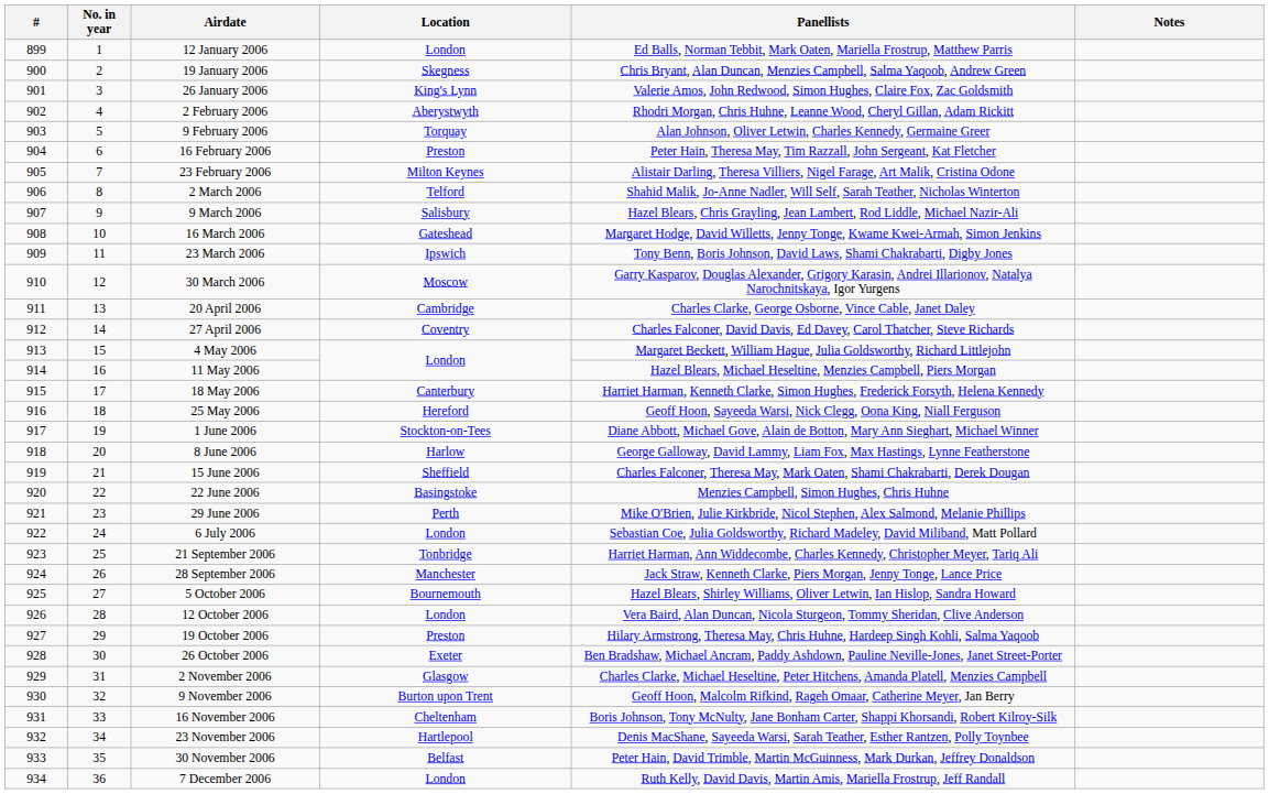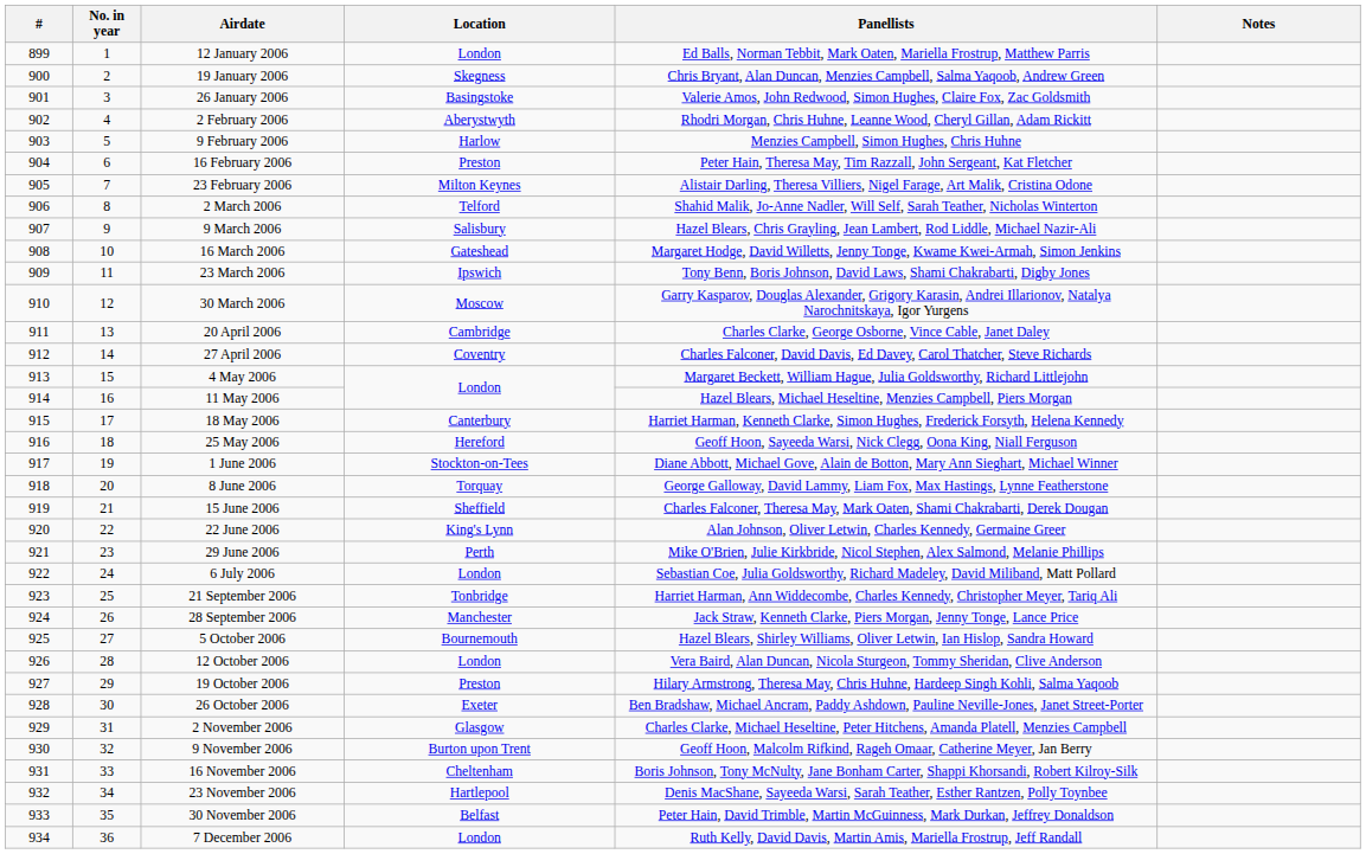 <table class="wikitable" style="text-align:center;">
 <tr>
 <th style="width:5%;">#</th>
 <th style="width:5%;">No. in year</th>
 <th style="width:15%;">Airdate</th>
 <th style="width:20%;">Location</th>
 <th style="width:40%;">Panellists</th>
 <th style="width:40%;">Notes</th>
 </tr>
 <tr>
 <td>899</td>
 <td>1</td>
 <td>12 January 2006</td>
 <td><a href='#'>London</a></td>
 <td><a href='#'>Ed Balls</a>, <a href='#'>Norman Tebbit</a>, <a href='#'>Mark Oaten</a>, <a href='#'>Mariella Frostrup</a>, <a href='#'>Matthew Parris</a></td>
 <td></td>
 </tr>
 <tr>
 <td>900</td>
 <td>2</td>
 <td>19 January 2006</td>
 <td><a href='#'>Skegness</a></td>
 <td><a href='#'>Chris Bryant</a>, <a href='#'>Alan Duncan</a>, <a href='#'>Menzies Campbell</a>, <a href='#'>Salma Yaqoob</a>, <a href='#'>Andrew Green</a></td>
 <td></td>
 </tr>
 <tr>
 <td>901</td>
 <td>3</td>
 <td>26 January 2006</td>
-<td><a href='#'>King's Lynn</a></td>
+<td><a href='#'>Basingstoke</a></td>
 <td><a href='#'>Valerie Amos</a>, <a href='#'>John Redwood</a>, <a href='#'>Simon Hughes</a>, <a href='#'>Claire Fox</a>, <a href='#'>Zac Goldsmith</a></td>
 <td></td>
 </tr>
 <tr>
 <td>902</td>
 <td>4</td>
 <td>2 February 2006</td>
 <td><a href='#'>Aberystwyth</a></td>
 <td><a href='#'>Rhodri Morgan</a>, <a href='#'>Chris Huhne</a>, <a href='#'>Leanne Wood</a>, <a href='#'>Cheryl Gillan</a>, <a href='#'>Adam Rickitt</a></td>
 <td></td>
 </tr>
 <tr>
 <td>903</td>
 <td>5</td>
 <td>9 February 2006 </td>
-<td><a href='#'>Torquay</a></td>
-<td><a href='#'>Alan Johnson</a>, <a href='#'>Oliver Letwin</a>, <a href='#'>Charles Kennedy</a>, <a href='#'>Germaine Greer</a></td>
+<td><a href='#'>Harlow</a></td>
+<td><a href='#'>Menzies Campbell</a>, <a href='#'>Simon Hughes</a>, <a href='#'>Chris Huhne</a></td>
 <td></td>
 </tr>
 <tr>
 <td>904</td>
 <td>6</td>
 <td>16 February 2006</td>
 <td><a href='#'>Preston</a></td>
 <td><a href='#'>Peter Hain</a>, <a href='#'>Theresa May</a>, <a href='#'>Tim Razzall</a>, <a href='#'>John Sergeant</a>, <a href='#'>Kat Fletcher</a></td>
 <td></td>
 </tr>
 <tr>
 <td>905</td>
 <td>7</td>
 <td>23 February 2006</td>
 <td><a href='#'>Milton Keynes</a></td>
 <td><a href='#'>Alistair Darling</a>, <a href='#'>Theresa Villiers</a>, <a href='#'>Nigel Farage</a>, <a href='#'>Art Malik</a>, <a href='#'>Cristina Odone</a></td>
 <td></td>
 </tr>
 <tr>
 <td>906</td>
 <td>8</td>
 <td>2 March 2006</td>
 <td><a href='#'>Telford</a></td>
 <td><a href='#'>Shahid Malik</a>, <a href='#'>Jo-Anne Nadler</a>, <a href='#'>Will Self</a>, <a href='#'>Sarah Teather</a>, <a href='#'>Nicholas Winterton</a></td>
 <td></td>
 </tr>
 <tr>
 <td>907</td>
 <td>9</td>
 <td>9 March 2006</td>
 <td><a href='#'>Salisbury</a></td>
 <td><a href='#'>Hazel Blears</a>, <a href='#'>Chris Grayling</a>, <a href='#'>Jean Lambert</a>, <a href='#'>Rod Liddle</a>, <a href='#'>Michael Nazir-Ali</a></td>
 <td></td>
 </tr>
 <tr>
 <td>908</td>
 <td>10</td>
 <td>16 March 2006</td>
 <td><a href='#'>Gateshead</a></td>
 <td><a href='#'>Margaret Hodge</a>, <a href='#'>David Willetts</a>, <a href='#'>Jenny Tonge</a>, <a href='#'>Kwame Kwei-Armah</a>, <a href='#'>Simon Jenkins</a></td>
 <td></td>
 </tr>
 <tr>
 <td>909</td>
 <td>11</td>
 <td>23 March 2006</td>
 <td><a href='#'>Ipswich</a></td>
 <td><a href='#'>Tony Benn</a>, <a href='#'>Boris Johnson</a>, <a href='#'>David Laws</a>, <a href='#'>Shami Chakrabarti</a>, <a href='#'>Digby Jones</a></td>
 <td></td>
 </tr>
 <tr>
 <td>910</td>
 <td>12</td>
 <td>30 March 2006 </td>
 <td><a href='#'>Moscow</a></td>
 <td><a href='#'>Garry Kasparov</a>, <a href='#'>Douglas Alexander</a>, <a href='#'>Grigory Karasin</a>, <a href='#'>Andrei Illarionov</a>, <a href='#'>Natalya Narochnitskaya</a>, Igor Yurgens</td>
 <td></td>
 </tr>
 <tr>
 <td>911</td>
 <td>13</td>
 <td>20 April 2006</td>
 <td><a href='#'>Cambridge</a></td>
 <td><a href='#'>Charles Clarke</a>, <a href='#'>George Osborne</a>, <a href='#'>Vince Cable</a>, <a href='#'>Janet Daley</a></td>
 <td></td>
 </tr>
 <tr>
 <td>912</td>
 <td>14</td>
 <td>27 April 2006</td>
 <td><a href='#'>Coventry</a></td>
 <td><a href='#'>Charles Falconer</a>, <a href='#'>David Davis</a>, <a href='#'>Ed Davey</a>, <a href='#'>Carol Thatcher</a>, <a href='#'>Steve Richards</a></td>
 <td></td>
 </tr>
 <tr>
 <td>913</td>
 <td>15</td>
 <td>4 May 2006</td>
 <td rowspan=2><a href='#'>London</a></td>
 <td><a href='#'>Margaret Beckett</a>, <a href='#'>William Hague</a>, <a href='#'>Julia Goldsworthy</a>, <a href='#'>Richard Littlejohn</a></td>
 <td></td>
 </tr>
 <tr>
 <td>914</td>
 <td>16</td>
 <td>11 May 2006</td>
 <td><a href='#'>Hazel Blears</a>, <a href='#'>Michael Heseltine</a>, <a href='#'>Menzies Campbell</a>, <a href='#'>Piers Morgan</a></td>
 <td></td>
 </tr>
 <tr>
 <td>915</td>
 <td>17</td>
 <td>18 May 2006</td>
 <td><a href='#'>Canterbury</a></td>
 <td><a href='#'>Harriet Harman</a>, <a href='#'>Kenneth Clarke</a>, <a href='#'>Simon Hughes</a>, <a href='#'>Frederick Forsyth</a>, <a href='#'>Helena Kennedy</a></td>
 <td></td>
 </tr>
 <tr>
 <td>916</td>
 <td>18</td>
 <td>25 May 2006</td>
 <td><a href='#'>Hereford</a></td>
 <td><a href='#'>Geoff Hoon</a>, <a href='#'>Sayeeda Warsi</a>, <a href='#'>Nick Clegg</a>, <a href='#'>Oona King</a>, <a href='#'>Niall Ferguson</a></td>
 <td></td>
 </tr>
 <tr>
 <td>917</td>
 <td>19</td>
 <td>1 June 2006</td>
 <td><a href='#'>Stockton-on-Tees</a></td>
 <td><a href='#'>Diane Abbott</a>, <a href='#'>Michael Gove</a>, <a href='#'>Alain de Botton</a>, <a href='#'>Mary Ann Sieghart</a>, <a href='#'>Michael Winner</a></td>
 <td></td>
 </tr>
 <tr>
 <td>918</td>
 <td>20</td>
 <td>8 June 2006</td>
-<td><a href='#'>Harlow</a></td>
+<td><a href='#'>Torquay</a></td>
 <td><a href='#'>George Galloway</a>, <a href='#'>David Lammy</a>, <a href='#'>Liam Fox</a>, <a href='#'>Max Hastings</a>, <a href='#'>Lynne Featherstone</a></td>
 <td></td>
 </tr>
 <tr>
 <td>919</td>
 <td>21</td>
 <td>15 June 2006</td>
 <td><a href='#'>Sheffield</a></td>
 <td><a href='#'>Charles Falconer</a>, <a href='#'>Theresa May</a>, <a href='#'>Mark Oaten</a>, <a href='#'>Shami Chakrabarti</a>, <a href='#'>Derek Dougan</a></td>
 <td></td>
 </tr>
 <tr>
 <td>920</td>
 <td>22</td>
 <td>22 June 2006</td>
-<td><a href='#'>Basingstoke</a></td>
-<td><a href='#'>Menzies Campbell</a>, <a href='#'>Simon Hughes</a>, <a href='#'>Chris Huhne</a></td>
+<td><a href='#'>King's Lynn</a></td>
+<td><a href='#'>Alan Johnson</a>, <a href='#'>Oliver Letwin</a>, <a href='#'>Charles Kennedy</a>, <a href='#'>Germaine Greer</a></td>
 <td></td>
 </tr>
 <tr>
 <td>921</td>
 <td>23</td>
 <td>29 June 2006</td>
 <td><a href='#'>Perth</a></td>
 <td><a href='#'>Mike O'Brien</a>, <a href='#'>Julie Kirkbride</a>, <a href='#'>Nicol Stephen</a>, <a href='#'>Alex Salmond</a>, <a href='#'>Melanie Phillips</a></td>
 <td></td>
 </tr>
 <tr>
 <td>922</td>
 <td>24</td>
 <td>6 July 2006 </td>
 <td><a href='#'>London</a></td>
 <td><a href='#'>Sebastian Coe</a>, <a href='#'>Julia Goldsworthy</a>, <a href='#'>Richard Madeley</a>, <a href='#'>David Miliband</a>, Matt Pollard</td>
 <td></td>
 </tr>
 <tr>
 <td>923</td>
 <td>25</td>
 <td>21 September 2006</td>
 <td><a href='#'>Tonbridge</a></td>
 <td><a href='#'>Harriet Harman</a>, <a href='#'>Ann Widdecombe</a>, <a href='#'>Charles Kennedy</a>, <a href='#'>Christopher Meyer</a>, <a href='#'>Tariq Ali</a></td>
 <td></td>
 </tr>
 <tr>
 <td>924</td>
 <td>26</td>
 <td>28 September 2006</td>
 <td><a href='#'>Manchester</a></td>
 <td><a href='#'>Jack Straw</a>, <a href='#'>Kenneth Clarke</a>, <a href='#'>Piers Morgan</a>, <a href='#'>Jenny Tonge</a>, <a href='#'>Lance Price</a></td>
 <td></td>
 </tr>
 <tr>
 <td>925</td>
 <td>27</td>
 <td>5 October 2006</td>
 <td><a href='#'>Bournemouth</a></td>
 <td><a href='#'>Hazel Blears</a>, <a href='#'>Shirley Williams</a>, <a href='#'>Oliver Letwin</a>, <a href='#'>Ian Hislop</a>, <a href='#'>Sandra Howard</a></td>
 <td></td>
 </tr>
 <tr>
 <td>926</td>
 <td>28</td>
 <td>12 October 2006</td>
 <td><a href='#'>London</a></td>
 <td><a href='#'>Vera Baird</a>, <a href='#'>Alan Duncan</a>, <a href='#'>Nicola Sturgeon</a>, <a href='#'>Tommy Sheridan</a>, <a href='#'>Clive Anderson</a></td>
 <td></td>
 </tr>
 <tr>
 <td>927</td>
 <td>29</td>
 <td>19 October 2006</td>
 <td><a href='#'>Preston</a></td>
 <td><a href='#'>Hilary Armstrong</a>, <a href='#'>Theresa May</a>, <a href='#'>Chris Huhne</a>, <a href='#'>Hardeep Singh Kohli</a>, <a href='#'>Salma Yaqoob</a></td>
 <td></td>
 </tr>
 <tr>
 <td>928</td>
 <td>30</td>
 <td>26 October 2006</td>
 <td><a href='#'>Exeter</a></td>
 <td><a href='#'>Ben Bradshaw</a>, <a href='#'>Michael Ancram</a>, <a href='#'>Paddy Ashdown</a>, <a href='#'>Pauline Neville-Jones</a>, <a href='#'>Janet Street-Porter</a></td>
 <td></td>
 </tr>
 <tr>
 <td>929</td>
 <td>31</td>
 <td>2 November 2006</td>
 <td><a href='#'>Glasgow</a></td>
 <td><a href='#'>Charles Clarke</a>, <a href='#'>Michael Heseltine</a>, <a href='#'>Peter Hitchens</a>, <a href='#'>Amanda Platell</a>, <a href='#'>Menzies Campbell</a></td>
 <td></td>
 </tr>
 <tr>
 <td>930</td>
 <td>32</td>
 <td>9 November 2006</td>
 <td><a href='#'>Burton upon Trent</a></td>
 <td><a href='#'>Geoff Hoon</a>, <a href='#'>Malcolm Rifkind</a>, <a href='#'>Rageh Omaar</a>, <a href='#'>Catherine Meyer</a>, Jan Berry</td>
 <td></td>
 </tr>
 <tr>
 <td>931</td>
 <td>33</td>
 <td>16 November 2006</td>
 <td><a href='#'>Cheltenham</a></td>
 <td><a href='#'>Boris Johnson</a>, <a href='#'>Tony McNulty</a>, <a href='#'>Jane Bonham Carter</a>, <a href='#'>Shappi Khorsandi</a>, <a href='#'>Robert Kilroy-Silk</a></td>
 <td></td>
 </tr>
 <tr>
 <td>932</td>
 <td>34</td>
 <td>23 November 2006</td>
 <td><a href='#'>Hartlepool</a></td>
 <td><a href='#'>Denis MacShane</a>, <a href='#'>Sayeeda Warsi</a>, <a href='#'>Sarah Teather</a>, <a href='#'>Esther Rantzen</a>, <a href='#'>Polly Toynbee</a></td>
 <td></td>
 </tr>
 <tr>
 <td>933</td>
 <td>35</td>
 <td>30 November 2006</td>
 <td><a href='#'>Belfast</a></td>
 <td><a href='#'>Peter Hain</a>, <a href='#'>David Trimble</a>, <a href='#'>Martin McGuinness</a>, <a href='#'>Mark Durkan</a>, <a href='#'>Jeffrey Donaldson</a></td>
 <td></td>
 </tr>
 <tr>
 <td>934</td>
 <td>36</td>
 <td>7 December 2006</td>
 <td><a href='#'>London</a></td>
 <td><a href='#'>Ruth Kelly</a>, <a href='#'>David Davis</a>, <a href='#'>Martin Amis</a>, <a href='#'>Mariella Frostrup</a>, <a href='#'>Jeff Randall</a></td>
 <td></td>
 </tr>
 </table>
